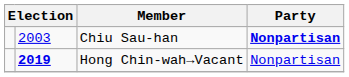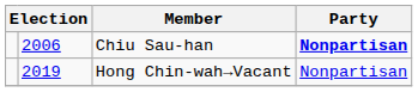 <table class="wikitable">
 <tr>
 <th colspan="2">Election</th>
 <th>Member</th>
 <th>Party</th>
 </tr>
 <tr>
 <td style="color:inherit;background:"></td>
-<td><a href='#'>2003</a></td>
+<td><a href='#'>2006</a></td>
 <td>Chiu Sau-han</td>
 <td><strong><a href='#'>Nonpartisan</a></strong></td>
 </tr>
 <tr>
 <td style="color:inherit;background:"></td>
-<td><strong><a href='#'>2019</a></strong></td>
+<td><a href='#'>2019</a></td>
 <td>Hong Chin-wah→Vacant</td>
 <td><a href='#'>Nonpartisan</a></td>
 </tr>
 <tr>
 </tr>
 </table>
